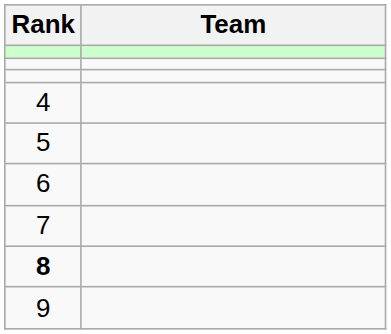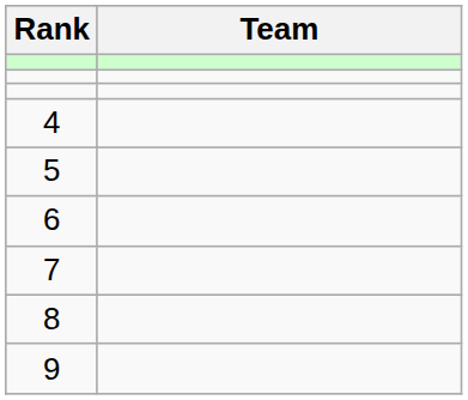 <table class="wikitable" style="text-align: center;">
 <tr>
 <th width=40>Rank</th>
 <th width=180>Team</th>
 </tr>
 <tr bgcolor=#CCFFCC>
 <td></td>
 <td align="left"></td>
 </tr>
 <tr>
 <td></td>
 <td align="left"></td>
 </tr>
 <tr>
 <td></td>
 <td align="left"></td>
 </tr>
 <tr>
 <td>4</td>
 <td align="left"></td>
 </tr>
 <tr>
 <td>5</td>
 <td align="left"></td>
 </tr>
 <tr>
 <td>6</td>
 <td align="left"></td>
 </tr>
 <tr>
 <td>7</td>
 <td align="left"></td>
 </tr>
 <tr>
-<td><strong>8</strong></td>
+<td>8</td>
 <td align="left"></td>
 </tr>
 <tr>
 <td>9</td>
 <td align="left"></td>
 </tr>
 </table>
